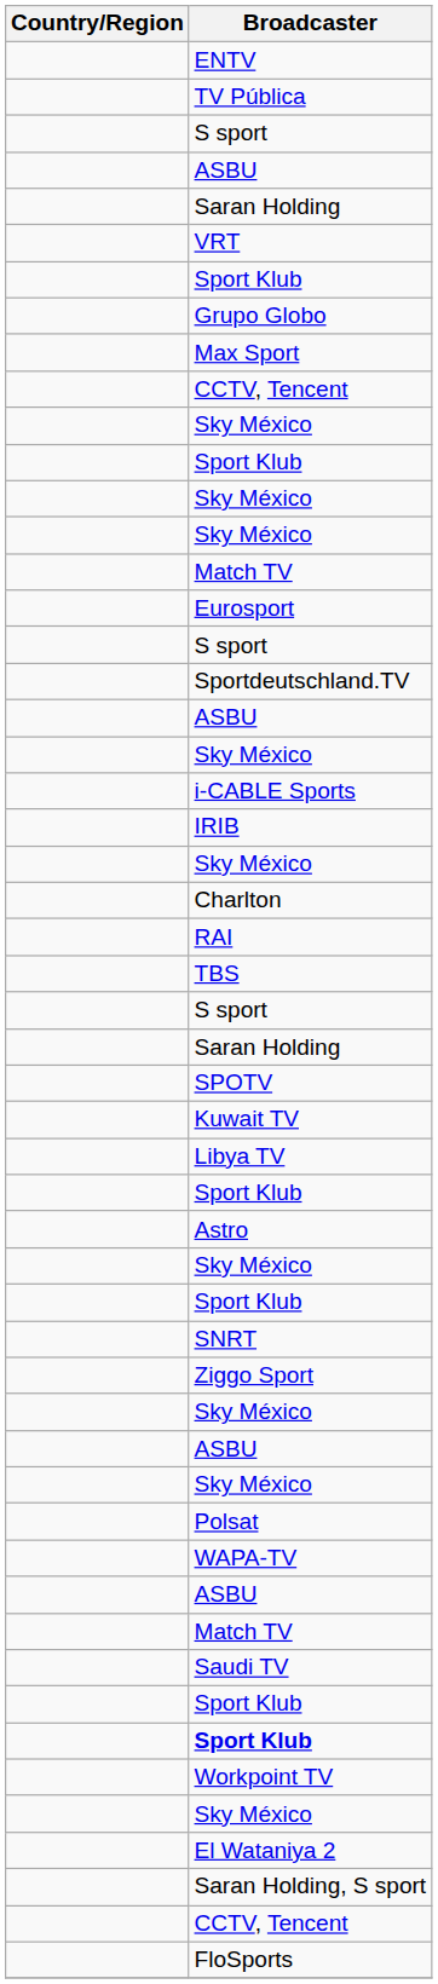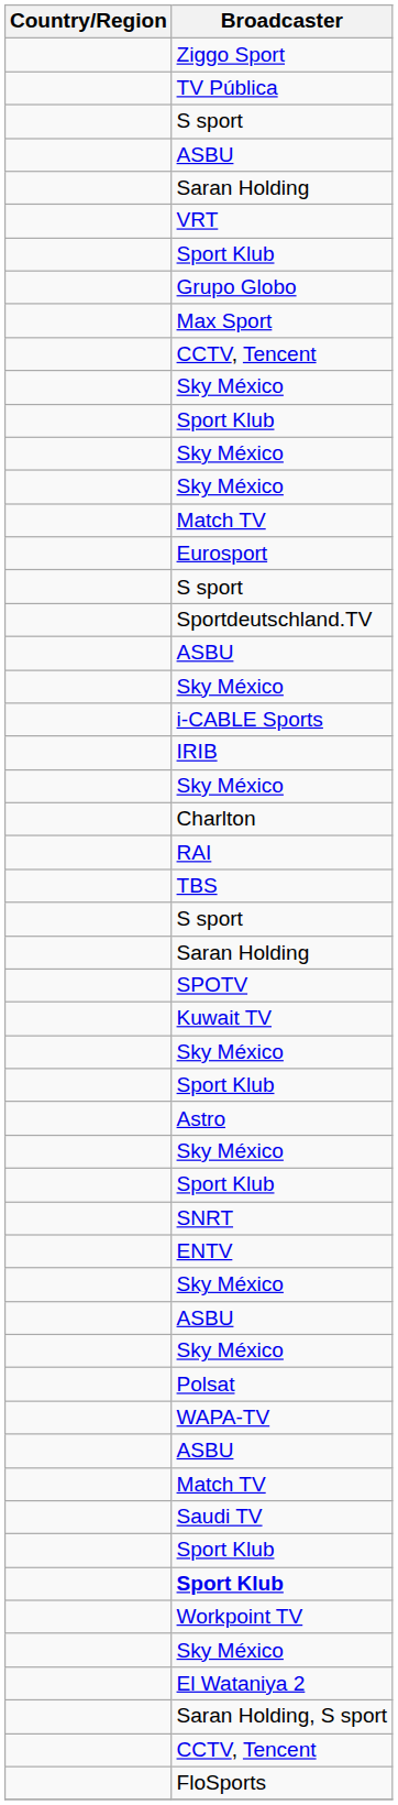 <table class="wikitable sortable collapsible collapsed" style="text-align:left;">
 <tr>
 <th>Country/Region</th>
 <th>Broadcaster</th>
 </tr>
 <tr>
 <td></td>
-<td><a href='#'>ENTV</a></td>
+<td><a href='#'>Ziggo Sport</a></td>
 </tr>
 <tr>
 <td></td>
 <td><a href='#'>TV Pública</a></td>
 </tr>
 <tr>
 <td></td>
 <td>S sport</td>
 </tr>
 <tr>
 <td></td>
 <td><a href='#'>ASBU</a></td>
 </tr>
 <tr>
 <td></td>
 <td>Saran Holding</td>
 </tr>
 <tr>
 <td></td>
 <td><a href='#'>VRT</a></td>
 </tr>
 <tr>
 <td></td>
 <td><a href='#'>Sport Klub</a></td>
 </tr>
 <tr>
 <td></td>
 <td><a href='#'>Grupo Globo</a></td>
 </tr>
 <tr>
 <td></td>
 <td><a href='#'>Max Sport</a></td>
 </tr>
 <tr>
 <td></td>
 <td><a href='#'>CCTV</a>, <a href='#'>Tencent</a></td>
 </tr>
 <tr>
 <td></td>
 <td><a href='#'>Sky México</a></td>
 </tr>
 <tr>
 <td></td>
 <td><a href='#'>Sport Klub</a></td>
 </tr>
 <tr>
 <td></td>
 <td><a href='#'>Sky México</a></td>
 </tr>
 <tr>
 <td></td>
 <td><a href='#'>Sky México</a></td>
 </tr>
 <tr>
 <td></td>
 <td><a href='#'>Match TV</a></td>
 </tr>
 <tr>
 <td></td>
 <td><a href='#'>Eurosport</a></td>
 </tr>
 <tr>
 <td></td>
 <td>S sport</td>
 </tr>
 <tr>
 <td></td>
 <td>Sportdeutschland.TV</td>
 </tr>
 <tr>
 <td></td>
 <td><a href='#'>ASBU</a></td>
 </tr>
 <tr>
 <td></td>
 <td><a href='#'>Sky México</a></td>
 </tr>
 <tr>
 <td></td>
 <td><a href='#'>i-CABLE Sports</a></td>
 </tr>
 <tr>
 <td></td>
 <td><a href='#'>IRIB</a></td>
 </tr>
 <tr>
 <td></td>
 <td><a href='#'>Sky México</a></td>
 </tr>
 <tr>
 <td></td>
 <td>Charlton</td>
 </tr>
 <tr>
 <td></td>
 <td><a href='#'>RAI</a></td>
 </tr>
 <tr>
 <td></td>
 <td><a href='#'>TBS</a></td>
 </tr>
 <tr>
 <td></td>
 <td>S sport</td>
 </tr>
 <tr>
 <td></td>
 <td>Saran Holding</td>
 </tr>
 <tr>
 <td></td>
 <td><a href='#'>SPOTV</a></td>
 </tr>
 <tr>
 <td></td>
 <td><a href='#'>Kuwait TV</a></td>
 </tr>
 <tr>
 <td></td>
-<td><a href='#'>Libya TV</a></td>
+<td><a href='#'>Sky México</a></td>
 </tr>
 <tr>
 <td></td>
 <td><a href='#'>Sport Klub</a></td>
 </tr>
 <tr>
 <td></td>
 <td><a href='#'>Astro</a></td>
 </tr>
 <tr>
 <td></td>
 <td><a href='#'>Sky México</a></td>
 </tr>
 <tr>
 <td></td>
 <td><a href='#'>Sport Klub</a></td>
 </tr>
 <tr>
 <td></td>
 <td><a href='#'>SNRT</a></td>
 </tr>
 <tr>
 <td></td>
-<td><a href='#'>Ziggo Sport</a></td>
+<td><a href='#'>ENTV</a></td>
 </tr>
 <tr>
 <td></td>
 <td><a href='#'>Sky México</a></td>
 </tr>
 <tr>
 <td></td>
 <td><a href='#'>ASBU</a></td>
 </tr>
 <tr>
 <td></td>
 <td><a href='#'>Sky México</a></td>
 </tr>
 <tr>
 <td></td>
 <td><a href='#'>Polsat</a></td>
 </tr>
 <tr>
 <td></td>
 <td><a href='#'>WAPA-TV</a></td>
 </tr>
 <tr>
 <td></td>
 <td><a href='#'>ASBU</a></td>
 </tr>
 <tr>
 <td></td>
 <td><a href='#'>Match TV</a></td>
 </tr>
 <tr>
 <td></td>
 <td><a href='#'>Saudi TV</a></td>
 </tr>
 <tr>
 <td></td>
 <td><a href='#'>Sport Klub</a></td>
 </tr>
 <tr>
 <td></td>
 <td><strong><a href='#'>Sport Klub</a></strong></td>
 </tr>
 <tr>
 <td></td>
 <td><a href='#'>Workpoint TV</a></td>
 </tr>
 <tr>
 <td></td>
 <td><a href='#'>Sky México</a></td>
 </tr>
 <tr>
 <td></td>
 <td><a href='#'>El Wataniya 2</a></td>
 </tr>
 <tr>
 <td></td>
 <td>Saran Holding, S sport</td>
 </tr>
 <tr>
 <td></td>
 <td><a href='#'>CCTV</a>, <a href='#'>Tencent</a></td>
 </tr>
 <tr>
 <td></td>
 <td>FloSports</td>
 </tr>
 <tr>
 </tr>
 </table>
